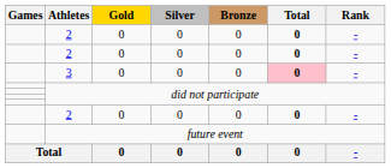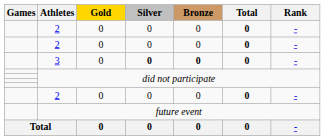 <table class="wikitable" style="text-align:center; font-size:90%;">
 <tr>
 <th>Games</th>
 <th>Athletes</th>
 <td style="background:gold; width:4.5em; font-weight:bold;">Gold</td>
 <td style="background:silver; width:4.5em; font-weight:bold;">Silver</td>
 <td style="background:#cc9966; width:4.5em; font-weight:bold;">Bronze</td>
 <th style="width:4.5em; font-weight:bold;">Total</th>
 <th style="width:4.5em; font-weight:bold;">Rank</th>
 </tr>
 <tr>
 <td align=left></td>
 <td><a href='#'>2</a></td>
 <td>0</td>
 <td>0</td>
 <td>0</td>
 <td><strong>0</strong></td>
 <td><a href='#'>-</a></td>
 </tr>
 <tr>
 <td align=left></td>
 <td><a href='#'>2</a></td>
 <td>0</td>
 <td>0</td>
 <td>0</td>
 <td><strong>0</strong></td>
 <td><a href='#'>-</a></td>
 </tr>
 <tr>
 <td align=left></td>
 <td><a href='#'>3</a></td>
 <td>0</td>
-<td>0</td>
-<td>0</td>
-<td style="background: pink;"><strong>0</strong></td>
+<td><strong>0</strong></td>
+<td><strong>0</strong></td>
+<td><strong>0</strong></td>
 <td><a href='#'>-</a></td>
 </tr>
 <tr>
 <td align=left></td>
 <td colspan=6; rowspan=4><em>did not participate</em></td>
 </tr>
 <tr>
 <td align=left></td>
 </tr>
 <tr>
 <td align=left></td>
 </tr>
 <tr>
 <td align=left></td>
 </tr>
 <tr>
 <td align=left></td>
 <td><a href='#'>2</a></td>
 <td>0</td>
 <td>0</td>
 <td>0</td>
 <td><strong>0</strong></td>
 <td><a href='#'>-</a></td>
 </tr>
 <tr>
 <td align=left></td>
 <td colspan=6><em>future event</em></td>
 </tr>
 <tr>
 <th colspan=2>Total</th>
 <th>0</th>
 <th>0</th>
 <th>0</th>
 <th>0</th>
 <th><a href='#'>-</a></th>
 </tr>
 </table>
